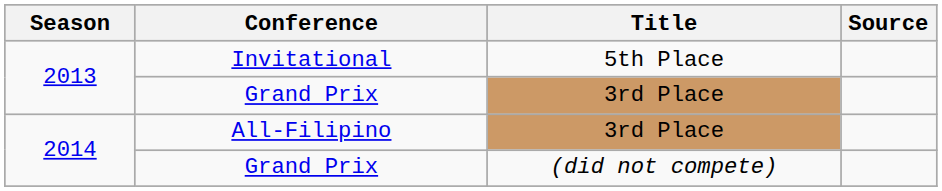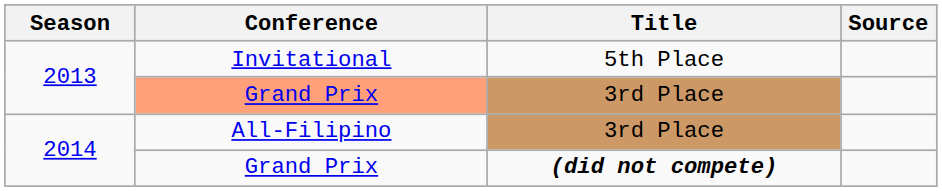 <table class="wikitable">
 <tr>
 <th width=70px>Season</th>
 <th width=200px>Conference</th>
 <th width=200px>Title</th>
 <th width=50px>Source</th>
 </tr>
 <tr align=center>
 <td rowspan=2><a href='#'>2013</a></td>
 <td><a href='#'>Invitational</a></td>
 <td>5th Place</td>
 <td></td>
 </tr>
 <tr align=center>
-<td><a href='#'>Grand Prix</a></td>
+<td style="background: lightsalmon;"><a href='#'>Grand Prix</a></td>
 <td style="background:#c96;">3rd Place</td>
 <td></td>
 </tr>
 <tr align=center>
 <td rowspan=2><a href='#'>2014</a></td>
 <td><a href='#'>All-Filipino</a></td>
 <td style="background:#c96;">3rd Place</td>
 <td></td>
 </tr>
 <tr align=center>
 <td><a href='#'>Grand Prix</a></td>
-<td><em>(did not compete)</em></td>
+<td><strong><em>(did not compete)</em></strong></td>
 <td></td>
 </tr>
 </table>
